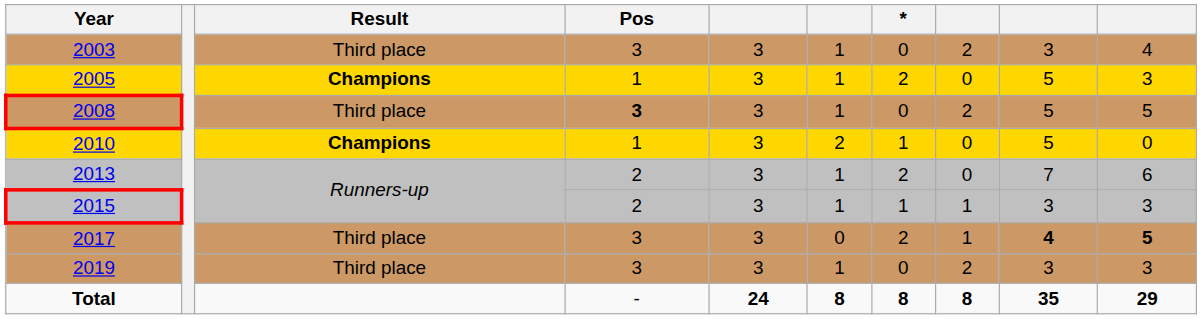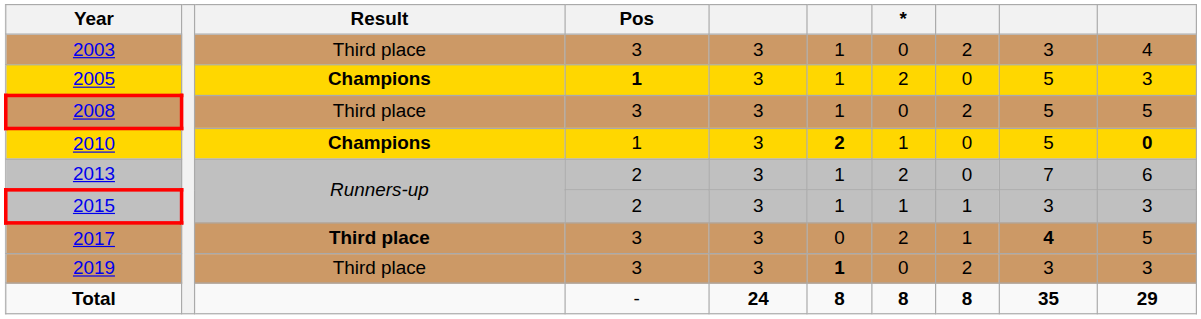 <table class="wikitable" style="width:80%; text-align:center;">
 <tr>
 <th>Year</th>
 <th width=1% rowspan=10></th>
 <th>Result</th>
 <th>Pos</th>
 <th></th>
 <th></th>
 <th>*</th>
 <th></th>
 <th></th>
 <th></th>
 </tr>
 <tr style="background:#c96;">
 <td> <a href='#'>2003</a></td>
 <td>Third place</td>
 <td>3</td>
 <td>3</td>
 <td>1</td>
 <td>0</td>
 <td>2</td>
 <td>3</td>
 <td>4</td>
 </tr>
 <tr style="background:gold;">
 <td> <a href='#'>2005</a></td>
 <td><strong>Champions</strong></td>
-<td>1</td>
+<td><strong>1</strong></td>
 <td>3</td>
 <td>1</td>
 <td>2</td>
 <td>0</td>
 <td>5</td>
 <td>3</td>
 </tr>
 <tr style="background:#c96;">
 <td style="border: 3px solid red"> <a href='#'>2008</a></td>
 <td>Third place</td>
-<td><strong>3</strong></td>
+<td>3</td>
 <td>3</td>
 <td>1</td>
 <td>0</td>
 <td>2</td>
 <td>5</td>
 <td>5</td>
 </tr>
 <tr style="background:gold;">
 <td> <a href='#'>2010</a></td>
 <td><strong>Champions</strong></td>
 <td>1</td>
 <td>3</td>
-<td>2</td>
+<td><strong>2</strong></td>
 <td>1</td>
 <td>0</td>
 <td>5</td>
-<td>0</td>
+<td><strong>0</strong></td>
 </tr>
 <tr style="background:silver;">
 <td> <a href='#'>2013</a></td>
 <td rowspan=2><em>Runners-up</em></td>
 <td>2</td>
 <td>3</td>
 <td>1</td>
 <td>2</td>
 <td>0</td>
 <td>7</td>
 <td>6</td>
 </tr>
 <tr style="background:silver;">
 <td style="border: 3px solid red"> <a href='#'>2015</a></td>
 <td>2</td>
 <td>3</td>
 <td>1</td>
 <td>1</td>
 <td>1</td>
 <td>3</td>
 <td>3</td>
 </tr>
 <tr style="background:#c96;">
 <td> <a href='#'>2017</a></td>
-<td>Third place</td>
+<td><strong>Third place</strong></td>
 <td>3</td>
 <td>3</td>
 <td>0</td>
 <td>2</td>
 <td>1</td>
 <td><strong>4</strong></td>
-<td><strong>5</strong></td>
+<td>5</td>
 </tr>
 <tr style="background:#c96;">
 <td> <a href='#'>2019</a></td>
 <td>Third place</td>
 <td>3</td>
 <td>3</td>
-<td>1</td>
+<td><strong>1</strong></td>
 <td>0</td>
 <td>2</td>
 <td>3</td>
 <td>3</td>
 </tr>
 <tr>
 <td><strong>Total</strong></td>
 <td></td>
 <td>-</td>
 <td><strong>24</strong></td>
 <td><strong>8</strong></td>
 <td><strong>8</strong></td>
 <td><strong>8</strong></td>
 <td><strong>35</strong></td>
 <td><strong>29</strong></td>
 </tr>
 </table>
